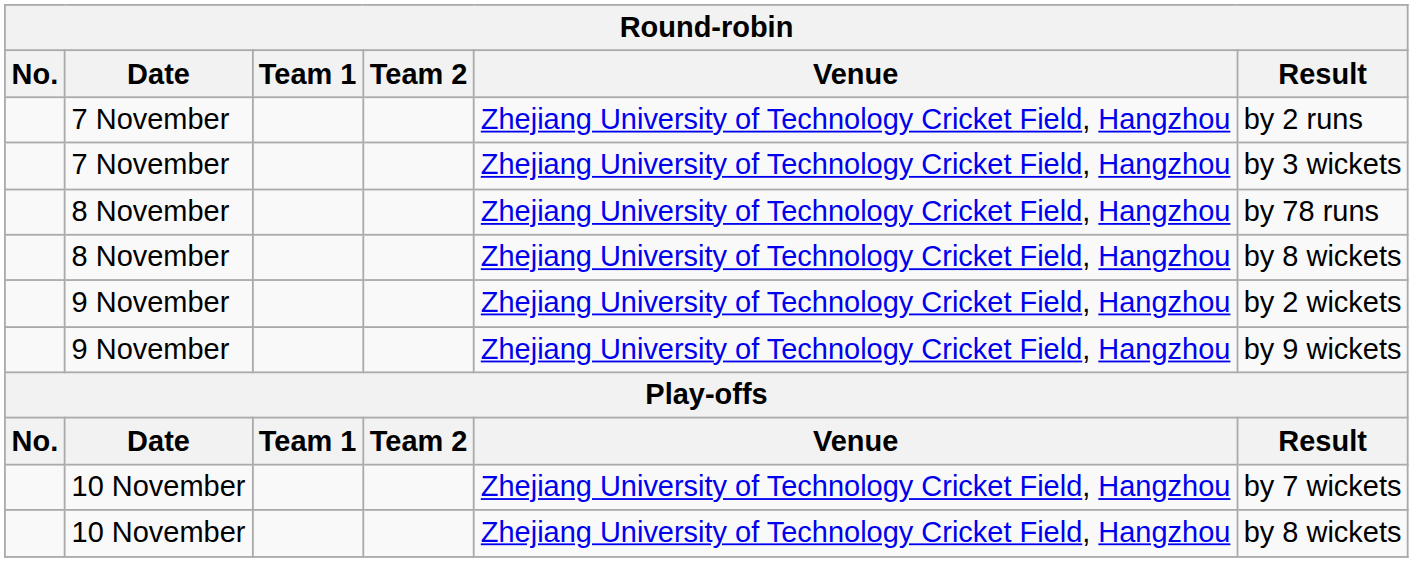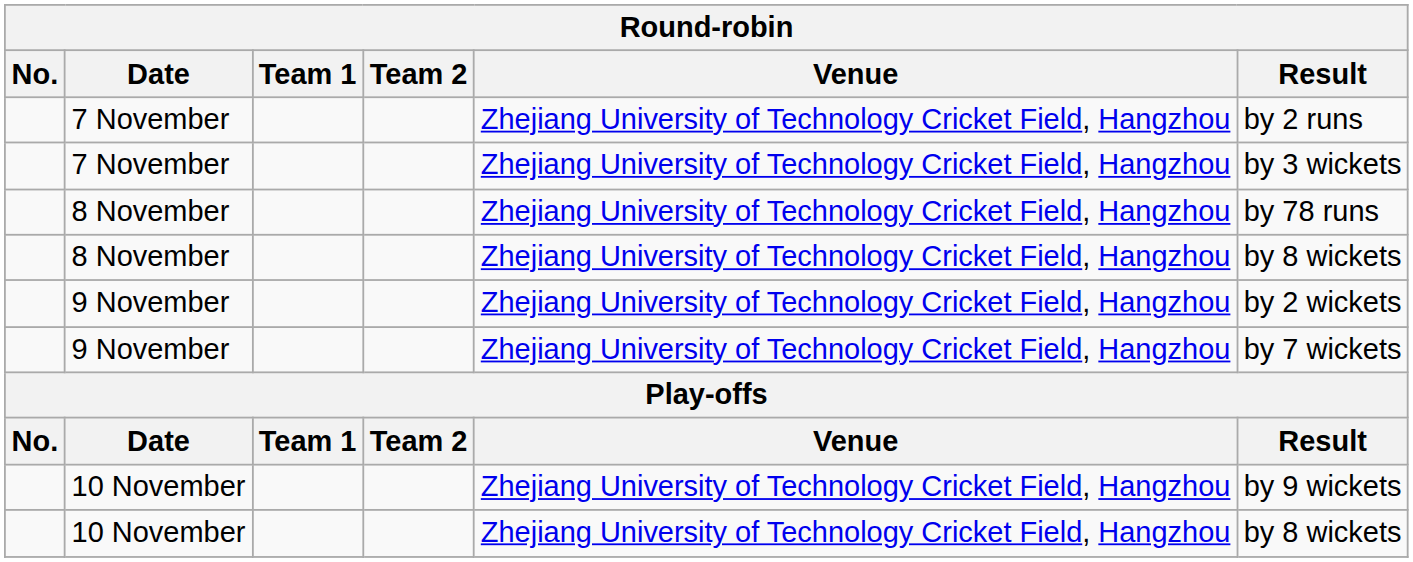 <table class="wikitable">
 <tr>
 <th colspan="6">Round-robin</th>
 </tr>
 <tr>
 <th>No.</th>
 <th>Date</th>
 <th>Team 1</th>
 <th>Team 2</th>
 <th>Venue</th>
 <th>Result</th>
 </tr>
 <tr>
 <td></td>
 <td>7 November</td>
 <td></td>
 <td></td>
 <td><a href='#'>Zhejiang University of Technology Cricket Field</a>, <a href='#'>Hangzhou</a></td>
 <td> by 2 runs</td>
 </tr>
 <tr>
 <td></td>
 <td>7 November</td>
 <td></td>
 <td></td>
 <td><a href='#'>Zhejiang University of Technology Cricket Field</a>, <a href='#'>Hangzhou</a></td>
 <td> by 3 wickets</td>
 </tr>
 <tr>
 <td></td>
 <td>8 November</td>
 <td></td>
 <td></td>
 <td><a href='#'>Zhejiang University of Technology Cricket Field</a>, <a href='#'>Hangzhou</a></td>
 <td> by 78 runs</td>
 </tr>
 <tr>
 <td></td>
 <td>8 November</td>
 <td></td>
 <td></td>
 <td><a href='#'>Zhejiang University of Technology Cricket Field</a>, <a href='#'>Hangzhou</a></td>
 <td> by 8 wickets</td>
 </tr>
 <tr>
 <td></td>
 <td>9 November</td>
 <td></td>
 <td></td>
 <td><a href='#'>Zhejiang University of Technology Cricket Field</a>, <a href='#'>Hangzhou</a></td>
 <td> by 2 wickets</td>
 </tr>
 <tr>
 <td></td>
 <td>9 November</td>
 <td></td>
 <td></td>
 <td><a href='#'>Zhejiang University of Technology Cricket Field</a>, <a href='#'>Hangzhou</a></td>
-<td> by 9 wickets</td>
+<td> by 7 wickets</td>
 </tr>
 <tr>
 <th colspan="6">Play-offs</th>
 </tr>
 <tr>
 <th>No.</th>
 <th>Date</th>
 <th>Team 1</th>
 <th>Team 2</th>
 <th>Venue</th>
 <th>Result</th>
 </tr>
 <tr>
 <td></td>
 <td>10 November</td>
 <td></td>
 <td></td>
 <td><a href='#'>Zhejiang University of Technology Cricket Field</a>, <a href='#'>Hangzhou</a></td>
-<td> by 7 wickets</td>
+<td> by 9 wickets</td>
 </tr>
 <tr>
 <td></td>
 <td>10 November</td>
 <td></td>
 <td></td>
 <td><a href='#'>Zhejiang University of Technology Cricket Field</a>, <a href='#'>Hangzhou</a></td>
 <td> by 8 wickets</td>
 </tr>
 </table>
